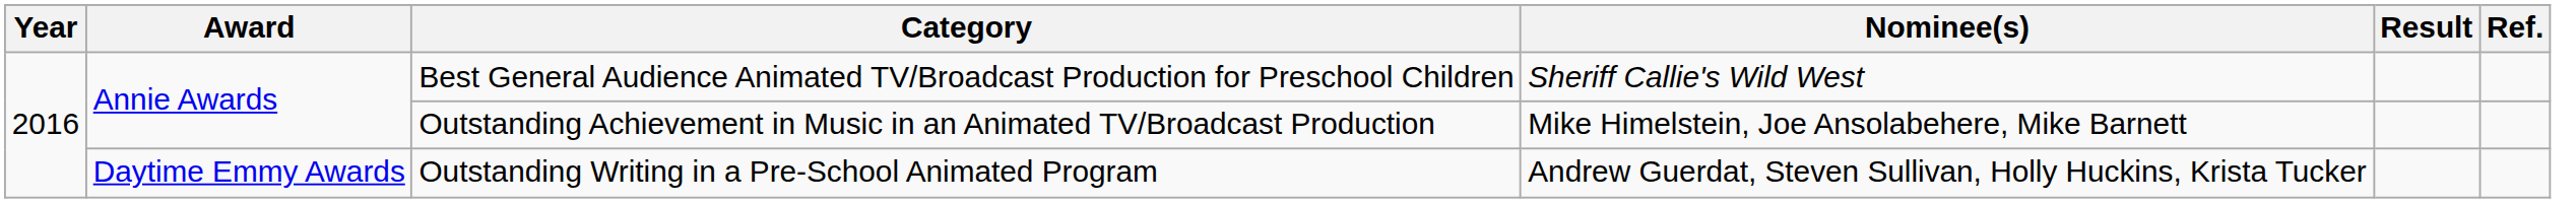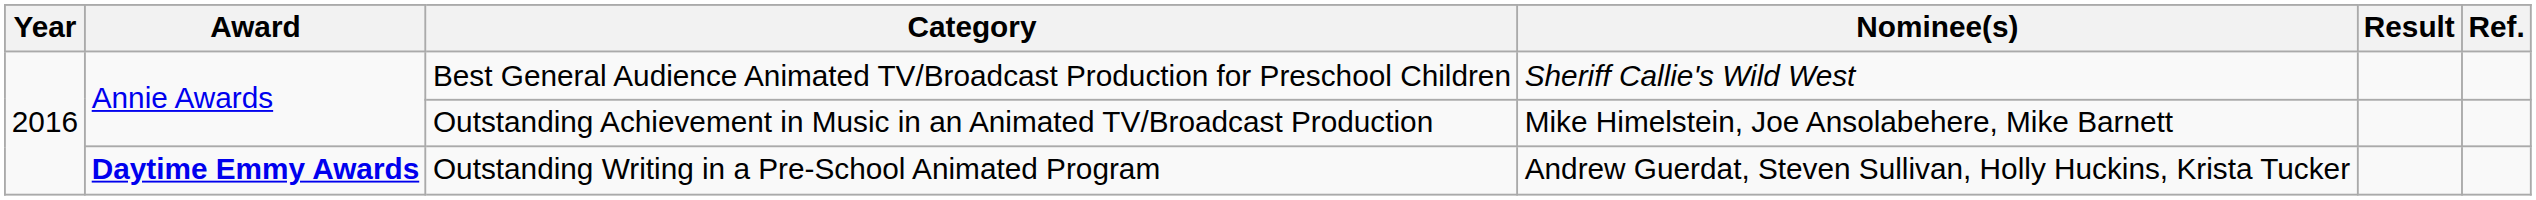 <table class="wikitable">
 <tr>
 <th>Year</th>
 <th>Award</th>
 <th>Category</th>
 <th>Nominee(s)</th>
 <th>Result</th>
 <th>Ref.</th>
 </tr>
 <tr>
 <td rowspan="3">2016</td>
 <td rowspan="2"><a href='#'>Annie Awards</a></td>
 <td>Best General Audience Animated TV/Broadcast Production for Preschool Children</td>
 <td><em>Sheriff Callie's Wild West</em></td>
 <td></td>
 <td style="text-align:center;"></td>
 </tr>
 <tr>
 <td>Outstanding Achievement in Music in an Animated TV/Broadcast Production</td>
 <td>Mike Himelstein, Joe Ansolabehere, Mike Barnett</td>
 <td></td>
 <td style="text-align:center;"></td>
 </tr>
 <tr>
-<td><a href='#'>Daytime Emmy Awards</a></td>
+<td><strong><a href='#'>Daytime Emmy Awards</a></strong></td>
 <td>Outstanding Writing in a Pre-School Animated Program</td>
 <td>Andrew Guerdat, Steven Sullivan, Holly Huckins, Krista Tucker</td>
 <td></td>
 <td style="text-align:center;"></td>
 </tr>
 </table>
